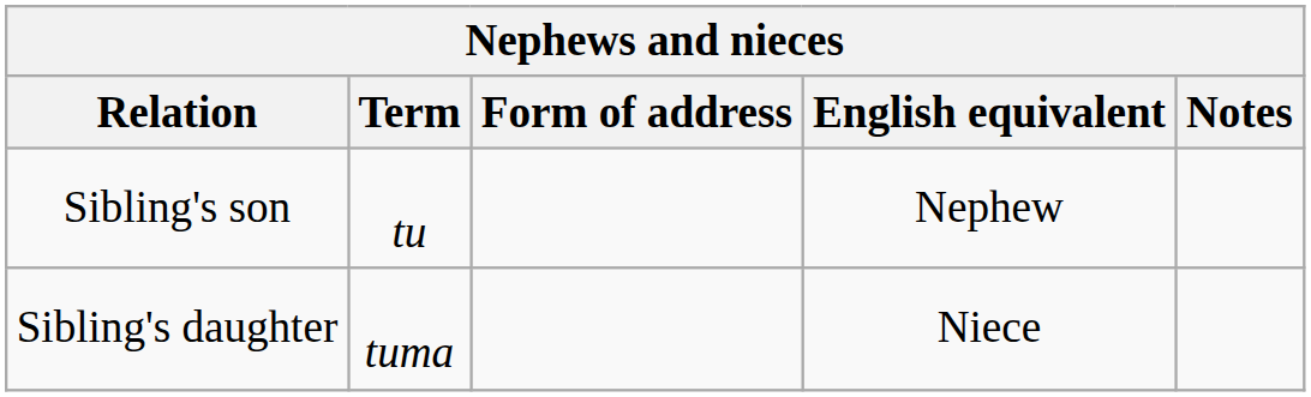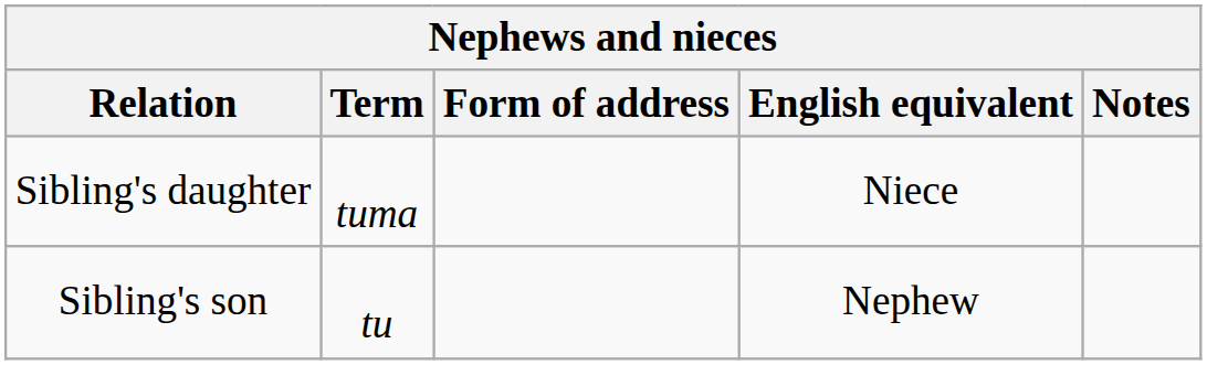 <table class=wikitable style="text-align:center">
 <tr>
 <th colspan="5">Nephews and nieces</th>
 </tr>
 <tr>
 <th>Relation</th>
 <th>Term</th>
 <th>Form of address</th>
 <th>English equivalent</th>
 <th>Notes</th>
 </tr>
 <tr>
+<td>Sibling's daughter</td>
+<td><br><em>tuma</em></td>
+<td></td>
+<td>Niece</td>
+<td></td>
+</tr>
+<tr>
 <td>Sibling's son</td>
 <td><br><em>tu</em></td>
 <td></td>
 <td>Nephew</td>
 <td></td>
 </tr>
-<tr>
-<td>Sibling's daughter</td>
-<td><br><em>tuma</em></td>
-<td></td>
-<td>Niece</td>
-<td></td>
-</tr>
 </table>
